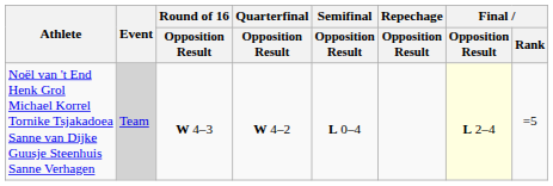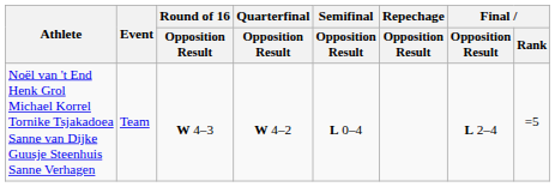 <table class="wikitable" style="font-size:90%">
 <tr>
 <th rowspan="2">Athlete</th>
 <th rowspan="2">Event</th>
 <th>Round of 16</th>
 <th>Quarterfinal</th>
 <th>Semifinal</th>
 <th>Repechage</th>
 <th colspan=2>Final / </th>
 </tr>
 <tr style="font-size:95%">
 <th>Opposition<br>Result</th>
 <th>Opposition<br>Result</th>
 <th>Opposition<br>Result</th>
 <th>Opposition<br>Result</th>
 <th>Opposition<br>Result</th>
 <th>Rank</th>
 </tr>
 <tr align=center>
 <td align=left><a href='#'>Noël van 't End</a><br><a href='#'>Henk Grol</a><br><a href='#'>Michael Korrel</a><br><a href='#'>Tornike Tsjakadoea</a><br><a href='#'>Sanne van Dijke</a><br><a href='#'>Guusje Steenhuis</a><br><a href='#'>Sanne Verhagen</a></td>
-<td align=left style="background: lightgrey;"><a href='#'>Team</a></td>
+<td align=left><a href='#'>Team</a></td>
 <td><br><strong>W</strong> 4–3</td>
 <td><br><strong>W</strong> 4–2</td>
 <td><br><strong>L</strong> 0–4</td>
 <td></td>
-<td style="background: lightyellow;"><br><strong>L</strong> 2–4</td>
+<td><br><strong>L</strong> 2–4</td>
 <td>=5</td>
 </tr>
 </table>
